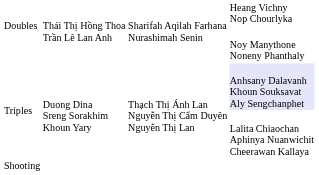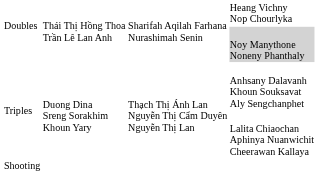 <table>
 <tr>
 <td rowspan=2>Doubles</td>
 <td rowspan=2 nowrap><br>Thái Thị Hồng Thoa<br>Trần Lê Lan Anh</td>
 <td rowspan=2 nowrap><br>Sharifah Aqilah Farhana<br>Nurashimah Senin</td>
 <td><br>Heang Vichny<br>Nop Chourlyka</td>
 </tr>
 <tr>
-<td><br>Noy Manythone<br>Noneny Phanthaly</td>
+<td style="background: lightgrey;"><br>Noy Manythone<br>Noneny Phanthaly</td>
 </tr>
 <tr>
 <td rowspan=2>Triples</td>
 <td rowspan=2><br>Duong Dina<br>Sreng Sorakhim<br>Khoun Yary</td>
 <td rowspan=2><br>Thạch Thị Ánh Lan<br>Nguyễn Thị Cẩm Duyên<br>Nguyễn Thị Lan</td>
-<td style="background: lavender;"><br>Anhsany Dalavanh<br>Khoun Souksavat<br>Aly Sengchanphet</td>
+<td><br>Anhsany Dalavanh<br>Khoun Souksavat<br>Aly Sengchanphet</td>
 </tr>
 <tr>
 <td nowrap><br>Lalita Chiaochan<br>Aphinya Nuanwichit<br>Cheerawan Kallaya</td>
 </tr>
 <tr>
 <td rowspan=2>Shooting</td>
 <td rowspan=2></td>
 <td rowspan=2></td>
 <td></td>
 </tr>
 <tr>
 <td></td>
 </tr>
 <tr>
 </tr>
 </table>
